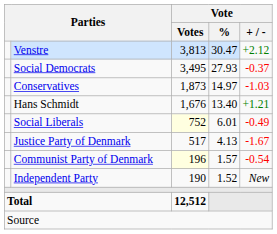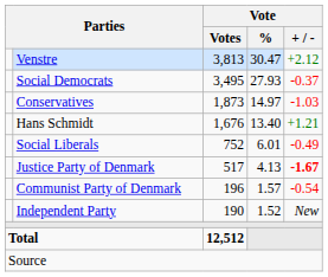 <table class="wikitable" style="text-align:right;">
 <tr>
 <th style="text-align:centre;" rowspan="2" colspan="2" width="225">Parties</th>
 <th colspan="3">Vote</th>
 </tr>
 <tr>
 <th width="15">Votes</th>
 <th width="15">%</th>
 <th width="15">+ / -</th>
 </tr>
 <tr>
 <td width="2" style="color:inherit;background:"></td>
 <td bgcolor=#cfe5fe  align="left"><a href='#'>Venstre</a></td>
 <td bgcolor=#cfe5fe>3,813</td>
 <td bgcolor=#cfe5fe>30.47</td>
 <td style=color:green;>+2.12</td>
 </tr>
 <tr>
 <td width="2" style="color:inherit;background:"></td>
 <td align="left"><a href='#'>Social Democrats</a></td>
 <td>3,495</td>
 <td>27.93</td>
 <td style=color:red;>-0.37</td>
 </tr>
 <tr>
 <td width="2" style="color:inherit;background:"></td>
 <td align="left"><a href='#'>Conservatives</a></td>
 <td>1,873</td>
 <td>14.97</td>
 <td style=color:red;>-1.03</td>
 </tr>
 <tr>
 <td width="2" style="color:inherit;background:"></td>
 <td align="left">Hans Schmidt</td>
 <td>1,676</td>
 <td>13.40</td>
 <td style=color:green;>+1.21</td>
 </tr>
 <tr>
 <td width="2" style="color:inherit;background:"></td>
 <td align="left"><a href='#'>Social Liberals</a></td>
-<td style="background: lightyellow;">752</td>
+<td>752</td>
 <td>6.01</td>
 <td style=color:red;>-0.49</td>
 </tr>
 <tr>
 <td width="2" style="color:inherit;background:"></td>
 <td align="left"><a href='#'>Justice Party of Denmark</a></td>
 <td>517</td>
 <td>4.13</td>
-<td style=color:red;>-1.67</td>
+<td style=color:red;><strong>-1.67</strong></td>
 </tr>
 <tr>
 <td width="2" style="color:inherit;background:"></td>
 <td align="left"><a href='#'>Communist Party of Denmark</a></td>
-<td style="background: lightyellow;">196</td>
+<td>196</td>
 <td>1.57</td>
 <td style=color:red;>-0.54</td>
 </tr>
 <tr>
 <td width="2" style="color:inherit;background:"></td>
 <td align="left"><a href='#'>Independent Party</a></td>
 <td>190</td>
 <td>1.52</td>
 <td><em>New</em></td>
 </tr>
 <tr>
 <td colspan="7" bgcolor="#E9E9E9"></td>
 </tr>
 <tr>
 <td align="left" colspan="2"><strong>Total</strong></td>
 <td><strong>12,512</strong></td>
 <td bgcolor="#E9E9E9" colspan="2"></td>
 </tr>
 <tr>
 <td align="left" colspan="6">Source</td>
 </tr>
 </table>
